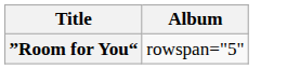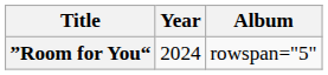 <table class="wikitable plainrowheaders">
 <tr>
 <th scope="col">Title</th>
+<th scope="col">Year</th>
 <th scope="col">Album</th>
 </tr>
 <tr>
 <th scope="row">”Room for You“<br></th>
+<td>2024</td>
 <td>rowspan="5" </td>
 </tr>
 </table>
